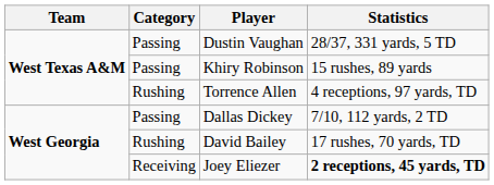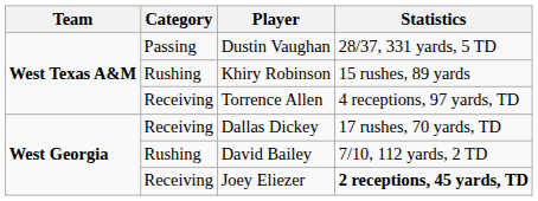 <table class="wikitable" style="float: left;">
 <tr>
 <th>Team</th>
 <th>Category</th>
 <th>Player</th>
 <th>Statistics</th>
 </tr>
 <tr>
 <td rowspan=3><strong>West Texas A&M</strong></td>
 <td>Passing</td>
 <td>Dustin Vaughan</td>
 <td>28/37, 331 yards, 5 TD</td>
 </tr>
 <tr>
-<td>Passing</td>
+<td>Rushing</td>
 <td>Khiry Robinson</td>
 <td>15 rushes, 89 yards</td>
 </tr>
 <tr>
-<td>Rushing</td>
+<td>Receiving</td>
 <td>Torrence Allen</td>
 <td>4 receptions, 97 yards, TD</td>
 </tr>
 <tr>
 <td rowspan=3><strong>West Georgia</strong></td>
-<td>Passing</td>
+<td>Receiving</td>
 <td>Dallas Dickey</td>
-<td>7/10, 112 yards, 2 TD</td>
+<td>17 rushes, 70 yards, TD</td>
 </tr>
 <tr>
 <td>Rushing</td>
 <td>David Bailey</td>
-<td>17 rushes, 70 yards, TD</td>
+<td>7/10, 112 yards, 2 TD</td>
 </tr>
 <tr>
 <td>Receiving</td>
 <td>Joey Eliezer</td>
 <td><strong>2 receptions, 45 yards, TD</strong></td>
 </tr>
 </table>
